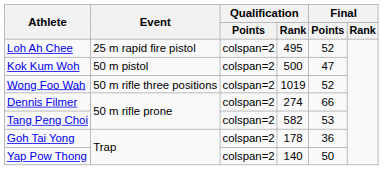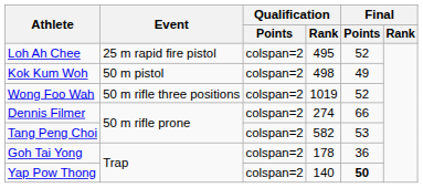 <table class="wikitable" style="font-size:90%;">
 <tr>
 <th rowspan=2>Athlete</th>
 <th rowspan=2>Event</th>
 <th colspan=2>Qualification</th>
 <th colspan=2>Final</th>
 </tr>
 <tr style="font-size:95%">
 <th>Points</th>
 <th>Rank</th>
 <th>Points</th>
 <th>Rank</th>
 </tr>
 <tr align=center>
 <td align=left><a href='#'>Loh Ah Chee</a></td>
 <td align=left>25 m rapid fire pistol</td>
 <td>colspan=2 </td>
 <td>495</td>
 <td>52</td>
 </tr>
 <tr align=center>
 <td align=left><a href='#'>Kok Kum Woh</a></td>
 <td align=left>50 m pistol</td>
 <td>colspan=2 </td>
-<td>500</td>
-<td>47</td>
+<td>498</td>
+<td>49</td>
 </tr>
 <tr align=center>
 <td align=left><a href='#'>Wong Foo Wah</a></td>
 <td align=left>50 m rifle three positions</td>
 <td>colspan=2 </td>
 <td>1019</td>
 <td>52</td>
 </tr>
 <tr align=center>
 <td align=left><a href='#'>Dennis Filmer</a></td>
 <td align=left rowspan=2>50 m rifle prone</td>
 <td>colspan=2 </td>
 <td>274</td>
 <td>66</td>
 </tr>
 <tr align=center>
 <td align=left><a href='#'>Tang Peng Choi</a></td>
 <td>colspan=2 </td>
 <td>582</td>
 <td>53</td>
 </tr>
 <tr align=center>
 <td align=left><a href='#'>Goh Tai Yong</a></td>
 <td align=left rowspan=2>Trap</td>
 <td>colspan=2 </td>
 <td>178</td>
 <td>36</td>
 </tr>
 <tr align=center>
 <td align=left><a href='#'>Yap Pow Thong</a></td>
 <td>colspan=2 </td>
 <td>140</td>
-<td>50</td>
+<td><strong>50</strong></td>
 </tr>
 </table>
